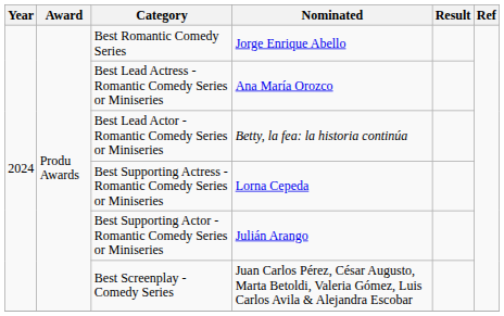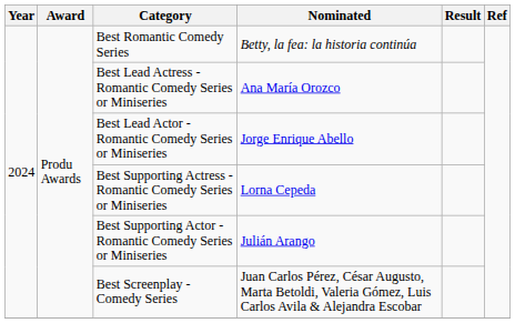 <table class="wikitable plainrowheaders">
 <tr>
 <th scope="col">Year</th>
 <th scope="col">Award</th>
 <th scope="col">Category</th>
 <th scope="col">Nominated</th>
 <th scope="col">Result</th>
 <th scope="col">Ref</th>
 </tr>
 <tr>
 <td rowspan="6">2024</td>
 <td rowspan="6">Produ Awards</td>
 <td>Best Romantic Comedy Series</td>
-<td><a href='#'>Jorge Enrique Abello</a></td>
+<td><em>Betty, la fea: la historia continúa</em></td>
 <td></td>
 <td align="center" rowspan="6"></td>
 </tr>
 <tr>
 <td>Best Lead Actress - Romantic Comedy Series or Miniseries</td>
 <td><a href='#'>Ana María Orozco</a></td>
 <td></td>
 </tr>
 <tr>
 <td>Best Lead Actor - Romantic Comedy Series or Miniseries</td>
-<td><em>Betty, la fea: la historia continúa</em></td>
+<td><a href='#'>Jorge Enrique Abello</a></td>
 <td></td>
 </tr>
 <tr>
 <td>Best Supporting Actress - Romantic Comedy Series or Miniseries</td>
 <td><a href='#'>Lorna Cepeda</a></td>
 <td></td>
 </tr>
 <tr>
 <td>Best Supporting Actor - Romantic Comedy Series or Miniseries</td>
 <td><a href='#'>Julián Arango</a></td>
 <td></td>
 </tr>
 <tr>
 <td>Best Screenplay - Comedy Series</td>
 <td>Juan Carlos Pérez, César Augusto, Marta Betoldi, Valeria Gómez, Luis Carlos Avila & Alejandra Escobar</td>
 <td></td>
 </tr>
 <tr>
 </tr>
 </table>
